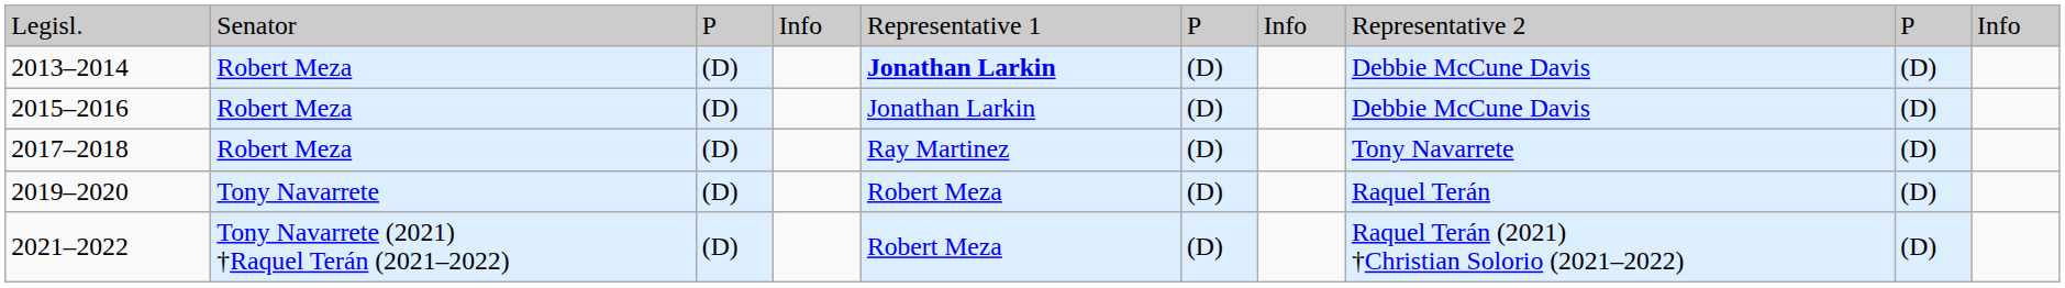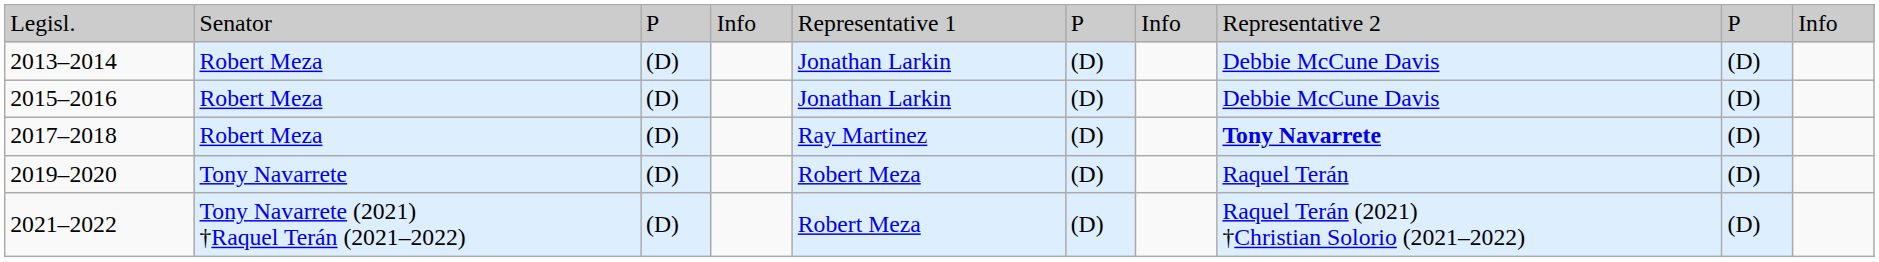 <table class=wikitable width="100%" border="1">
 <tr style="background-color:#cccccc;">
 <td>Legisl.</td>
 <td>Senator</td>
 <td>P</td>
 <td>Info</td>
 <td>Representative 1</td>
 <td>P</td>
 <td>Info</td>
 <td>Representative 2</td>
 <td>P</td>
 <td>Info</td>
 </tr>
 <tr>
 <td>2013–2014</td>
 <td style="background:#DDEEFF"><a href='#'>Robert Meza</a></td>
 <td style="background:#DDEEFF">(D)</td>
 <td></td>
-<td style="background:#DDEEFF"><strong><a href='#'>Jonathan Larkin</a></strong></td>
+<td style="background:#DDEEFF"><a href='#'>Jonathan Larkin</a></td>
 <td style="background:#DDEEFF">(D)</td>
 <td></td>
 <td style="background:#DDEEFF"><a href='#'>Debbie McCune Davis</a></td>
 <td style="background:#DDEEFF">(D)</td>
 <td></td>
 </tr>
 <tr>
 <td>2015–2016</td>
 <td style="background:#DDEEFF"><a href='#'>Robert Meza</a></td>
 <td style="background:#DDEEFF">(D)</td>
 <td></td>
 <td style="background:#DDEEFF"><a href='#'>Jonathan Larkin</a></td>
 <td style="background:#DDEEFF">(D)</td>
 <td></td>
 <td style="background:#DDEEFF"><a href='#'>Debbie McCune Davis</a></td>
 <td style="background:#DDEEFF">(D)</td>
 <td></td>
 </tr>
 <tr>
 <td>2017–2018</td>
 <td style="background:#DDEEFF"><a href='#'>Robert Meza</a></td>
 <td style="background:#DDEEFF">(D)</td>
 <td></td>
 <td style="background:#DDEEFF"><a href='#'>Ray Martinez</a></td>
 <td style="background:#DDEEFF">(D)</td>
 <td></td>
-<td style="background:#DDEEFF"><a href='#'>Tony Navarrete</a></td>
+<td style="background:#DDEEFF"><strong><a href='#'>Tony Navarrete</a></strong></td>
 <td style="background:#DDEEFF">(D)</td>
 <td></td>
 </tr>
 <tr>
 <td>2019–2020</td>
 <td style="background:#DDEEFF"><a href='#'>Tony Navarrete</a></td>
 <td style="background:#DDEEFF">(D)</td>
 <td></td>
 <td style="background:#DDEEFF"><a href='#'>Robert Meza</a></td>
 <td style="background:#DDEEFF">(D)</td>
 <td></td>
 <td style="background:#DDEEFF"><a href='#'>Raquel Terán</a></td>
 <td style="background:#DDEEFF">(D)</td>
 <td></td>
 </tr>
 <tr>
 <td>2021–2022</td>
 <td style="background:#DDEEFF"><a href='#'>Tony Navarrete</a> (2021) <br> †<a href='#'>Raquel Terán</a> (2021–2022)</td>
 <td style="background:#DDEEFF">(D)</td>
 <td></td>
 <td style="background:#DDEEFF"><a href='#'>Robert Meza</a></td>
 <td style="background:#DDEEFF">(D)</td>
 <td></td>
 <td style="background:#DDEEFF"><a href='#'>Raquel Terán</a> (2021)<br>†<a href='#'>Christian Solorio</a> (2021–2022)</td>
 <td style="background:#DDEEFF">(D)</td>
 <td></td>
 </tr>
 </table>
